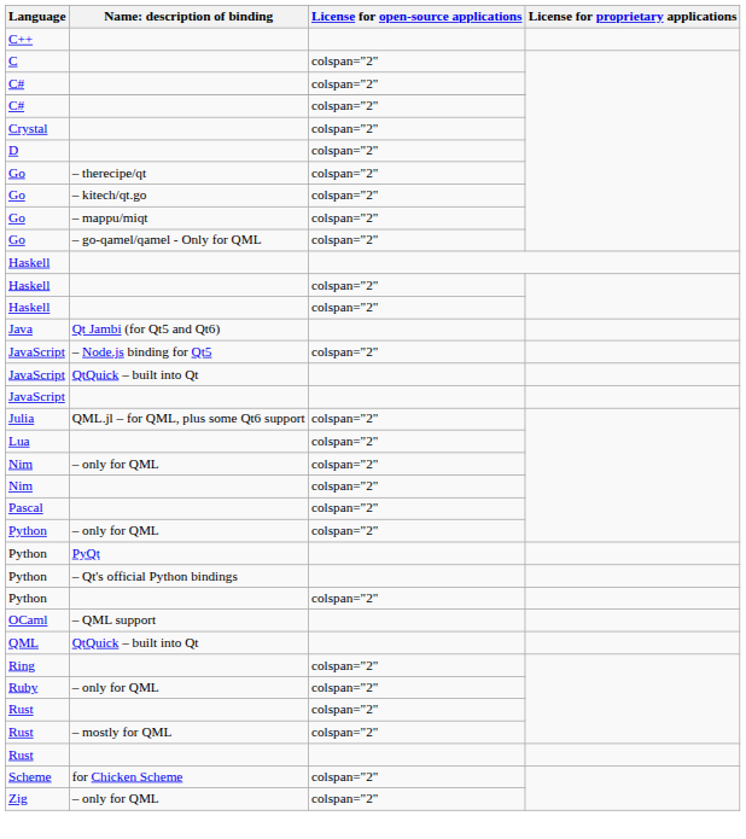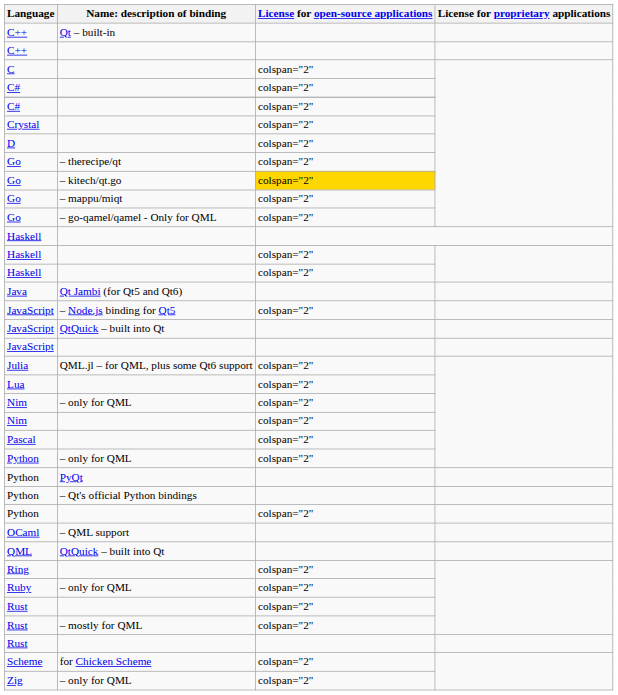 <table class="wikitable sortable" style="font-size: 90%;">
 <tr>
 <th>Language</th>
 <th>Name: description of binding</th>
 <th><a href='#'>License</a> for <a href='#'>open-source applications</a></th>
 <th>License for <a href='#'>proprietary</a> applications</th>
+</tr>
+<tr>
+<td><a href='#'>C++</a></td>
+<td><a href='#'>Qt</a> – built-in</td>
+<td></td>
+<td></td>
 </tr>
 <tr>
 <td><a href='#'>C++</a></td>
 <td></td>
 <td></td>
 <td></td>
 </tr>
 <tr>
 <td><a href='#'>C</a></td>
 <td></td>
 <td>colspan="2" </td>
 </tr>
 <tr>
 <td><a href='#'>C#</a></td>
 <td></td>
 <td>colspan="2" </td>
 </tr>
 <tr>
 </tr>
 <tr>
 <td><a href='#'>C#</a></td>
 <td></td>
 <td>colspan="2" </td>
 </tr>
 <tr>
 <td><a href='#'>Crystal</a></td>
 <td></td>
 <td>colspan="2" </td>
 </tr>
 <tr>
 <td><a href='#'>D</a></td>
 <td></td>
 <td>colspan="2" </td>
 </tr>
 <tr>
 <td><a href='#'>Go</a></td>
 <td> – therecipe/qt</td>
 <td>colspan="2" </td>
 </tr>
 <tr>
 <td><a href='#'>Go</a></td>
 <td> – kitech/qt.go</td>
-<td>colspan="2" </td>
+<td style="background: gold;">colspan="2" </td>
 </tr>
 <tr>
 <td><a href='#'>Go</a></td>
 <td> – mappu/miqt</td>
 <td>colspan="2" </td>
 </tr>
 <tr>
 <td><a href='#'>Go</a></td>
 <td> – go-qamel/qamel - Only for QML</td>
 <td>colspan="2" </td>
 </tr>
 <tr>
 <td><a href='#'>Haskell</a></td>
 <td></td>
 <td colspan="2"></td>
 </tr>
 <tr>
 <td><a href='#'>Haskell</a></td>
 <td></td>
 <td>colspan="2" </td>
 </tr>
 <tr>
 <td><a href='#'>Haskell</a></td>
 <td></td>
 <td>colspan="2" </td>
 </tr>
 <tr>
 <td><a href='#'>Java</a></td>
 <td><a href='#'>Qt Jambi</a> (for Qt5 and Qt6)</td>
 <td></td>
 <td></td>
 </tr>
 <tr>
 <td><a href='#'>JavaScript</a></td>
 <td> – <a href='#'>Node.js</a> binding for <a href='#'>Qt5</a></td>
 <td>colspan="2" </td>
 </tr>
 <tr>
 <td><a href='#'>JavaScript</a></td>
 <td><a href='#'>QtQuick</a> – built into Qt</td>
 <td></td>
 <td></td>
 </tr>
 <tr>
 <td><a href='#'>JavaScript</a></td>
 <td></td>
 <td></td>
 <td></td>
 </tr>
 <tr>
 <td><a href='#'>Julia</a></td>
 <td>QML.jl – for QML, plus some Qt6 support</td>
 <td>colspan="2" </td>
 </tr>
 <tr>
 <td><a href='#'>Lua</a></td>
 <td></td>
 <td>colspan="2" </td>
 </tr>
 <tr>
 <td><a href='#'>Nim</a></td>
 <td> – only for QML</td>
 <td>colspan="2" </td>
 </tr>
 <tr>
 <td><a href='#'>Nim</a></td>
 <td></td>
 <td>colspan="2" </td>
 </tr>
 <tr>
 <td><a href='#'>Pascal</a></td>
 <td></td>
 <td>colspan="2" </td>
 </tr>
 <tr>
 <td><a href='#'>Python</a></td>
 <td> – only for QML</td>
 <td>colspan="2" </td>
 </tr>
 <tr>
 <td>Python</td>
 <td><a href='#'>PyQt</a></td>
 <td></td>
 <td></td>
 </tr>
 <tr>
 <td>Python</td>
 <td> – Qt's official Python bindings</td>
 <td></td>
 <td></td>
 </tr>
 <tr>
 <td>Python</td>
 <td></td>
 <td>colspan="2" </td>
 </tr>
 <tr>
 <td><a href='#'>OCaml</a></td>
 <td> – QML support</td>
 <td></td>
 <td></td>
 </tr>
 <tr>
 <td><a href='#'>QML</a></td>
 <td><a href='#'>QtQuick</a> – built into Qt</td>
 <td></td>
 <td></td>
 </tr>
 <tr>
 <td><a href='#'>Ring</a></td>
 <td></td>
 <td>colspan="2" </td>
 </tr>
 <tr>
 <td><a href='#'>Ruby</a></td>
 <td> – only for QML</td>
 <td>colspan="2" </td>
 </tr>
 <tr>
 <td><a href='#'>Rust</a></td>
 <td></td>
 <td>colspan="2" </td>
 </tr>
 <tr>
 <td><a href='#'>Rust</a></td>
 <td> – mostly for QML</td>
 <td>colspan="2" </td>
 </tr>
 <tr>
 <td><a href='#'>Rust</a></td>
 <td></td>
 <td></td>
 <td></td>
 </tr>
 <tr>
 <td><a href='#'>Scheme</a></td>
 <td> for <a href='#'>Chicken Scheme</a></td>
 <td>colspan="2" </td>
 </tr>
 <tr>
 <td><a href='#'>Zig</a></td>
 <td> – only for QML</td>
 <td>colspan="2" </td>
 </tr>
 </table>
